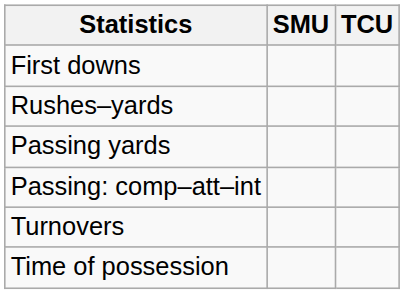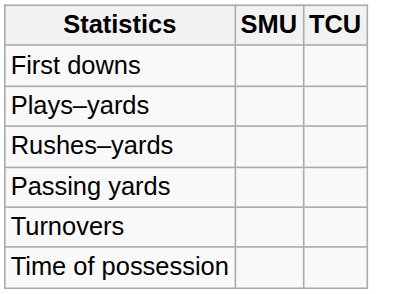 <table class="wikitable" style="float:left">
 <tr>
 <th>Statistics</th>
 <th>SMU</th>
 <th>TCU</th>
 </tr>
 <tr>
 <td>First downs</td>
+<td></td>
+<td></td>
+</tr>
+<tr>
+<td>Plays–yards</td>
 <td></td>
 <td></td>
 </tr>
 <tr>
 <td>Rushes–yards</td>
 <td></td>
 <td></td>
 </tr>
 <tr>
 <td>Passing yards</td>
 <td></td>
 <td></td>
 </tr>
 <tr>
-<td>Passing: comp–att–int</td>
-<td></td>
-<td></td>
-</tr>
-<tr>
 <td>Turnovers</td>
 <td></td>
 <td></td>
 </tr>
 <tr>
 <td>Time of possession</td>
 <td></td>
 <td></td>
 </tr>
 </table>
